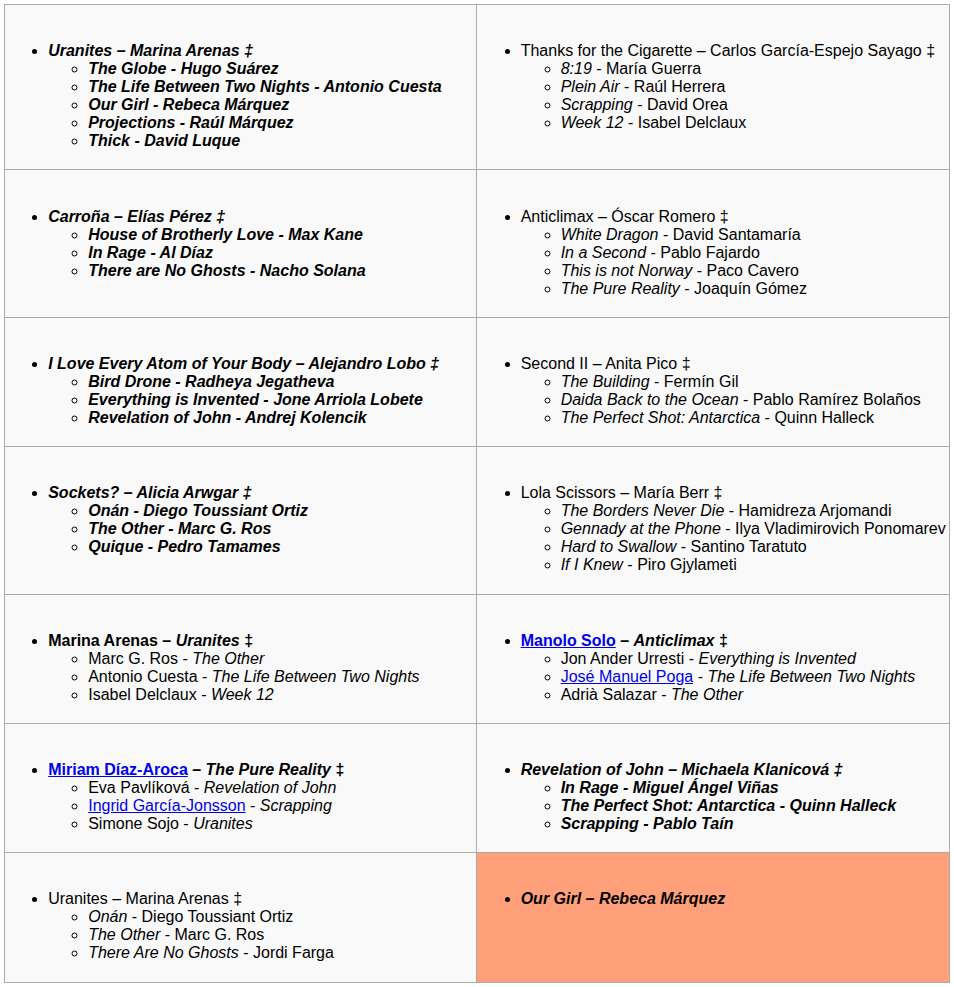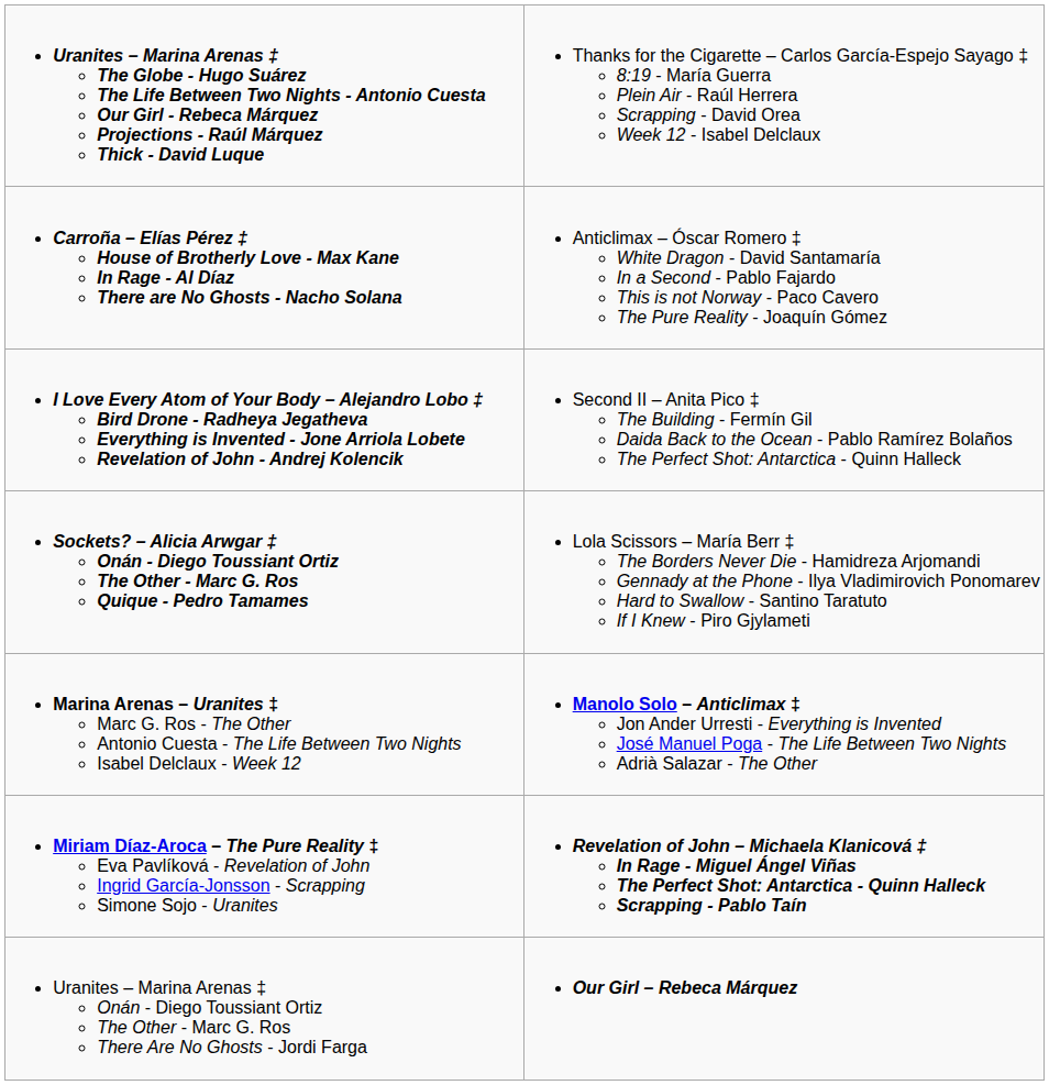 <table class="wikitable" role="presentation">
 <tr>
 <td style="vertical-align:top; width:50%;"><br><ul><li><strong><em>Uranites<em> – Marina Arenas ‡<strong><ul><li></em>The Globe<em> - Hugo Suárez</li><li></em>The Life Between Two Nights<em> - Antonio Cuesta</li><li></em>Our Girl<em> - Rebeca Márquez</li><li></em>Projections<em> - Raúl Márquez</li><li></em>Thick<em> - David Luque</li></ul></li></ul></td>
 <td style="vertical-align:top; width:50%;"><br><ul><li></em></strong>Thanks for the Cigarette</em> – Carlos García-Espejo Sayago ‡</strong><ul><li><em>8:19</em> - María Guerra</li><li><em>Plein Air</em> - Raúl Herrera</li><li><em>Scrapping</em> - David Orea</li><li><em>Week 12</em> - Isabel Delclaux</li></ul></li></ul></td>
 </tr>
 <tr>
 <td style="vertical-align:top; width:50%;"><br><ul><li><strong><em>Carroña<em> – Elías Pérez ‡<strong><ul><li></em>House of Brotherly Love<em> - Max Kane</li><li></em>In Rage<em> - Al Díaz</li><li></em>There are No Ghosts<em> - Nacho Solana</li></ul></li></ul></td>
 <td style="vertical-align:top; width:50%;"><br><ul><li></em></strong>Anticlimax</em> – Óscar Romero ‡</strong><ul><li><em>White Dragon</em> - David Santamaría</li><li><em>In a Second</em> - Pablo Fajardo</li><li><em>This is not Norway</em> - Paco Cavero</li><li><em>The Pure Reality</em> - Joaquín Gómez</li></ul></li></ul></td>
 </tr>
 <tr>
 <td style="vertical-align:top; width:50%;"><br><ul><li><strong><em>I Love Every Atom of Your Body<em> – Alejandro Lobo ‡<strong><ul><li></em>Bird Drone<em> - Radheya Jegatheva</li><li></em>Everything is Invented<em> - Jone Arriola Lobete</li><li></em>Revelation of John<em> - Andrej Kolencik</li></ul></li></ul></td>
 <td style="vertical-align:top; width:50%;"><br><ul><li></em></strong>Second II</em> – Anita Pico ‡</strong><ul><li><em>The Building</em> - Fermín Gil</li><li><em>Daida Back to the Ocean</em> - Pablo Ramírez Bolaños</li><li><em>The Perfect Shot: Antarctica</em> - Quinn Halleck</li></ul></li></ul></td>
 </tr>
 <tr>
 <td style="vertical-align:top; width:50%;"><br><ul><li><strong><em>Sockets?<em> – Alicia Arwgar ‡<strong><ul><li></em>Onán<em> - Diego Toussiant Ortiz</li><li></em>The Other<em> - Marc G. Ros</li><li></em>Quique<em> - Pedro Tamames</li></ul></li></ul></td>
 <td style="vertical-align:top; width:50%;"><br><ul><li></em></strong>Lola Scissors</em> – María Berr ‡</strong><ul><li><em>The Borders Never Die</em> - Hamidreza Arjomandi</li><li><em>Gennady at the Phone</em> - Ilya Vladimirovich Ponomarev</li><li><em>Hard to Swallow</em> - Santino Taratuto</li><li><em>If I Knew</em> - Piro Gjylameti</li></ul></li></ul></td>
 </tr>
 <tr>
 <td style="vertical-align:top; width:50%;"><br><ul><li><strong>Marina Arenas – <em>Uranites</em> ‡</strong><ul><li>Marc G. Ros - <em>The Other</em></li><li>Antonio Cuesta - <em>The Life Between Two Nights</em></li><li>Isabel Delclaux - <em>Week 12</em></li></ul></li></ul></td>
 <td style="vertical-align:top; width:50%;"><br><ul><li><strong><a href='#'>Manolo Solo</a> – <em>Anticlimax</em> ‡</strong><ul><li>Jon Ander Urresti - <em>Everything is Invented</em></li><li><a href='#'>José Manuel Poga</a>  - <em>The Life Between Two Nights</em></li><li>Adrià Salazar - <em>The Other</em></li></ul></li></ul></td>
 </tr>
 <tr>
 <td style="vertical-align:top; width:50%;"><br><ul><li><strong><a href='#'>Miriam Díaz-Aroca</a> – <em>The Pure Reality</em> ‡</strong><ul><li>Eva Pavlíková - <em>Revelation of John</em></li><li><a href='#'>Ingrid García-Jonsson</a> - <em>Scrapping</em></li><li>Simone Sojo - <em>Uranites</em></li></ul></li></ul></td>
 <td style="vertical-align:top; width:50%;"><br><ul><li><strong><em>Revelation of John<em> – Michaela Klanicová ‡<strong><ul><li></em>In Rage<em> - Miguel Ángel Viñas</li><li></em>The Perfect Shot: Antarctica<em> - Quinn Halleck</li><li></em>Scrapping<em> - Pablo Taín</li></ul></li></ul></td>
 </tr>
 <tr>
 <td style="vertical-align:top; width:50%;"><br><ul><li></em></strong>Uranites</em> – Marina Arenas ‡</strong><ul><li><em>Onán</em> - Diego Toussiant Ortiz</li><li><em>The Other</em> - Marc G. Ros</li><li><em>There Are No Ghosts</em> - Jordi Farga</li></ul></li></ul></td>
-<td valign="top" width="50%" style="background: lightsalmon;"><br><ul><li><strong><em>Our Girl<em> – Rebeca Márquez<strong></li></ul></td>
+<td valign="top" width="50%"><br><ul><li><strong><em>Our Girl<em> – Rebeca Márquez<strong></li></ul></td>
 </tr>
 </table>
